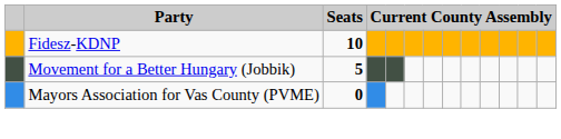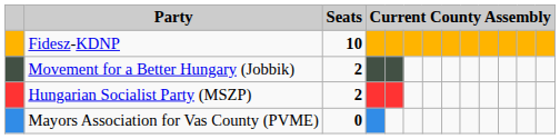 <table class="wikitable">
 <tr>
 <th style="background:#ccc">   </th>
 <th style="background:#ccc">Party</th>
 <th style="background:#ccc">Seats</th>
 <th style="background:#ccc" colspan="10">Current County Assembly</th>
 </tr>
 <tr>
 <td style="background-color: #FFB400"> </td>
 <td><a href='#'>Fidesz</a>-<a href='#'>KDNP</a></td>
 <td style="text-align: right"><strong>10</strong></td>
 <td style="background-color: #FFB400"> </td>
 <td style="background-color: #FFB400"> </td>
 <td style="background-color: #FFB400"> </td>
 <td style="background-color: #FFB400"> </td>
 <td style="background-color: #FFB400"> </td>
 <td style="background-color: #FFB400"> </td>
 <td style="background-color: #FFB400"> </td>
 <td style="background-color: #FFB400"> </td>
 <td style="background-color: #FFB400"> </td>
 <td style="background-color: #FFB400"> </td>
 </tr>
 <tr>
 <td style="background-color: #425044"> </td>
 <td><a href='#'>Movement for a Better Hungary</a> (Jobbik)</td>
-<td style="text-align: right"><strong>5</strong></td>
+<td style="text-align: right"><strong>2</strong></td>
 <td style="background-color: #425044"> </td>
 <td style="background-color: #425044"> </td>
+<td> </td>
+<td> </td>
+<td> </td>
+<td> </td>
+<td> </td>
+<td> </td>
+<td> </td>
+<td> </td>
+</tr>
+<tr>
+<td style="background-color: #FF3333"> </td>
+<td><a href='#'>Hungarian Socialist Party</a> (MSZP)</td>
+<td style="text-align: right"><strong>2</strong></td>
+<td style="background-color: #FF3333"> </td>
+<td style="background-color: #FF3333"> </td>
 <td> </td>
 <td> </td>
 <td> </td>
 <td> </td>
 <td> </td>
 <td> </td>
 <td> </td>
 <td> </td>
 </tr>
 <tr>
 <td style="background-color: #318CE7"> </td>
 <td>Mayors Association for Vas County (PVME)</td>
 <td style="text-align: right"><strong>0</strong></td>
 <td style="background-color: #318CE7"> </td>
 <td> </td>
 <td> </td>
 <td> </td>
 <td> </td>
 <td> </td>
 <td> </td>
 <td> </td>
 <td> </td>
 <td> </td>
 </tr>
 </table>
